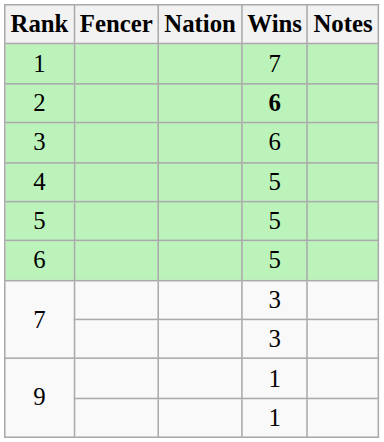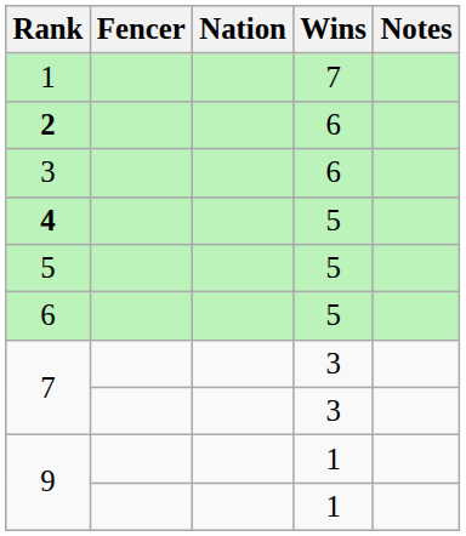 <table class="wikitable sortable" style="text-align:center">
 <tr>
 <th>Rank</th>
 <th>Fencer</th>
 <th>Nation</th>
 <th>Wins</th>
 <th>Notes</th>
 </tr>
 <tr style="background:#bbf3bb;">
 <td>1</td>
 <td align=left></td>
 <td align=left></td>
 <td>7</td>
 <td></td>
 </tr>
 <tr style="background:#bbf3bb;">
-<td>2</td>
+<td><strong>2</strong></td>
 <td align=left></td>
 <td align=left></td>
-<td><strong>6</strong></td>
+<td>6</td>
 <td></td>
 </tr>
 <tr style="background:#bbf3bb;">
 <td>3</td>
 <td align=left></td>
 <td align=left></td>
 <td>6</td>
 <td></td>
 </tr>
 <tr style="background:#bbf3bb;">
-<td>4</td>
+<td><strong>4</strong></td>
 <td align=left></td>
 <td align=left></td>
 <td>5</td>
 <td></td>
 </tr>
 <tr style="background:#bbf3bb;">
 <td>5</td>
 <td align=left></td>
 <td align=left></td>
 <td>5</td>
 <td></td>
 </tr>
 <tr style="background:#bbf3bb;">
 <td>6</td>
 <td align=left></td>
 <td align=left></td>
 <td>5</td>
 <td></td>
 </tr>
 <tr>
 <td rowspan=2>7</td>
 <td align=left></td>
 <td align=left></td>
 <td>3</td>
 <td></td>
 </tr>
 <tr>
 <td align=left></td>
 <td align=left></td>
 <td>3</td>
 <td></td>
 </tr>
 <tr>
 <td rowspan=2>9</td>
 <td align=left></td>
 <td align=left></td>
 <td>1</td>
 <td></td>
 </tr>
 <tr>
 <td align=left></td>
 <td align=left></td>
 <td>1</td>
 <td></td>
 </tr>
 </table>
